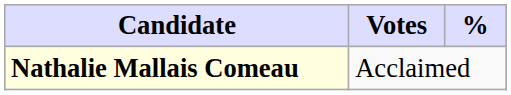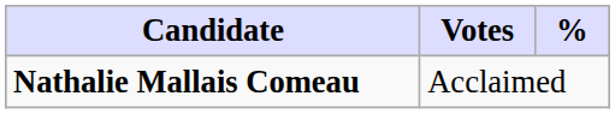 <table class="wikitable">
 <tr>
 <th style="background:#ddf; width:200px;">Candidate</th>
 <th style="background:#ddf; width:50px;">Votes</th>
 <th style="background:#ddf; width:30px;">%</th>
 </tr>
 <tr>
-<td style="background: lightyellow;"><strong>Nathalie Mallais Comeau</strong></td>
+<td><strong>Nathalie Mallais Comeau</strong></td>
 <td colspan="2">Acclaimed</td>
 </tr>
 </table>
